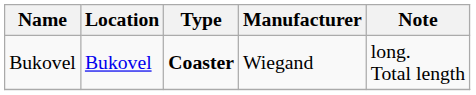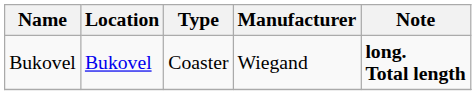 <table class="wikitable sortable">
 <tr>
 <th>Name</th>
 <th>Location</th>
 <th>Type</th>
 <th>Manufacturer</th>
 <th>Note</th>
 </tr>
 <tr>
 <td>Bukovel</td>
 <td><a href='#'>Bukovel</a></td>
-<td><strong>Coaster</strong></td>
+<td>Coaster</td>
 <td>Wiegand</td>
-<td> long.<br>Total length  </td>
+<td><strong> long.<br>Total length  </strong></td>
 </tr>
 <tr>
 </tr>
 </table>
